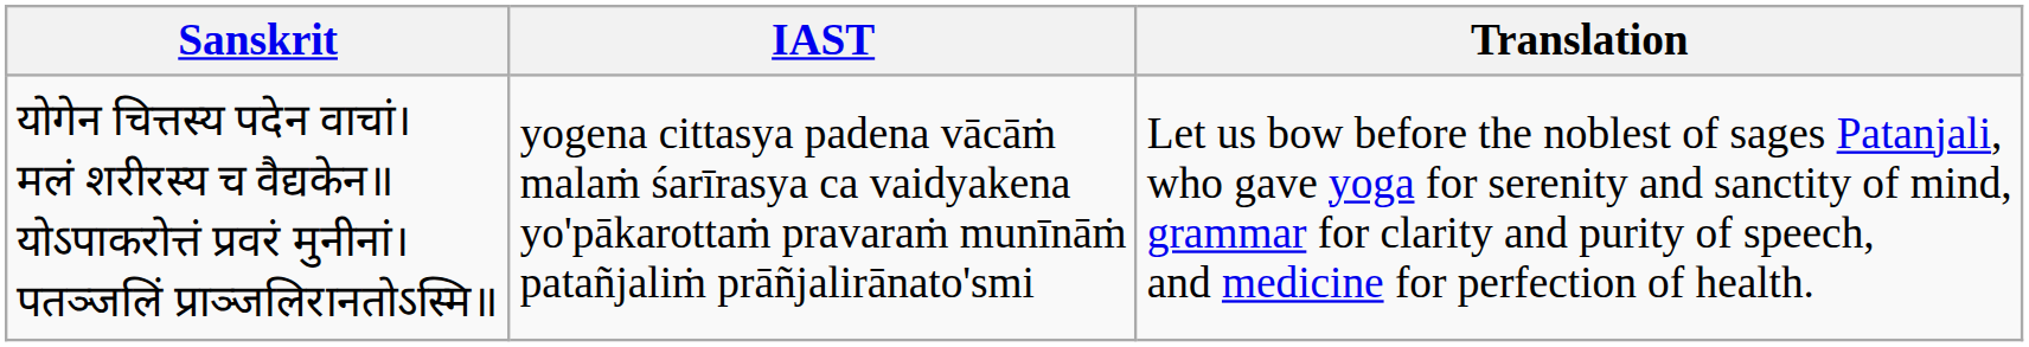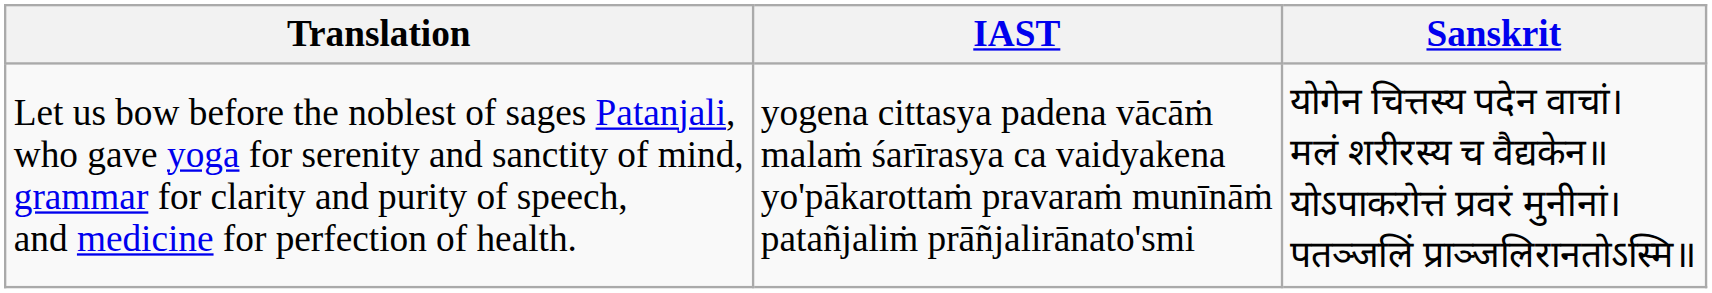 <table class="wikitable">
 <tr>
+<th>Translation</th>
+<th><a href='#'>IAST</a></th>
 <th><a href='#'>Sanskrit</a></th>
-<th><a href='#'>IAST</a></th>
-<th>Translation</th>
 </tr>
 <tr>
+<td>Let us bow before the noblest of sages <a href='#'>Patanjali</a>,<br>who gave <a href='#'>yoga</a> for serenity and sanctity of mind,<br><a href='#'>grammar</a> for clarity and purity of speech,<br>and <a href='#'>medicine</a> for perfection of health.<br></td>
+<td>yogena cittasya padena vācāṁ<br> malaṁ śarīrasya ca vaidyakena<br>yo'pākarottaṁ pravaraṁ munīnāṁ<br>patañjaliṁ prāñjalirānato'smi</td>
 <td>योगेन चित्तस्य पदेन वाचां।<br>मलं शरीरस्य च वैद्यकेन॥<br>योऽपाकरोत्तं प्रवरं मुनीनां।<br>पतञ्जलिं प्राञ्जलिरानतोऽस्मि॥</td>
-<td>yogena cittasya padena vācāṁ<br> malaṁ śarīrasya ca vaidyakena<br>yo'pākarottaṁ pravaraṁ munīnāṁ<br>patañjaliṁ prāñjalirānato'smi</td>
-<td>Let us bow before the noblest of sages <a href='#'>Patanjali</a>,<br>who gave <a href='#'>yoga</a> for serenity and sanctity of mind,<br><a href='#'>grammar</a> for clarity and purity of speech,<br>and <a href='#'>medicine</a> for perfection of health.<br></td>
 </tr>
 </table>
